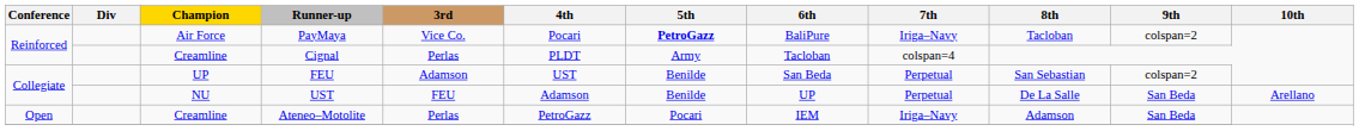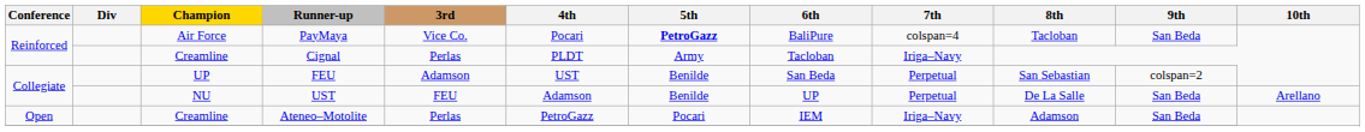 <table class="wikitable" style="font-size:90% align=center;">
 <tr>
 <th width=5%>Conference</th>
 <th width=5%>Div</th>
 <th width=9% style="background:gold;">Champion</th>
 <th width=9% style="background:silver;">Runner-up</th>
 <th width=9% style="background:#CC9966;">3rd</th>
 <th width=9%>4th</th>
 <th width=9%>5th</th>
 <th width=9%>6th</th>
 <th width=9%>7th</th>
 <th width=9%>8th</th>
 <th width=9%>9th</th>
 <th width=9%>10th</th>
 </tr>
 <tr align=center>
 <td rowspan=2><a href='#'>Reinforced</a></td>
 <td></td>
 <td><a href='#'>Air Force</a></td>
 <td><a href='#'>PayMaya</a></td>
 <td><a href='#'>Vice Co.</a></td>
 <td><a href='#'>Pocari</a></td>
 <td><strong><a href='#'>PetroGazz</a></strong></td>
 <td><a href='#'>BaliPure</a></td>
-<td><a href='#'>Iriga–Navy</a></td>
+<td>colspan=4</td>
 <td><a href='#'>Tacloban</a></td>
-<td>colspan=2</td>
+<td><a href='#'>San Beda</a></td>
 </tr>
 <tr align=center>
 <td></td>
 <td><a href='#'>Creamline</a></td>
 <td><a href='#'>Cignal</a></td>
 <td><a href='#'>Perlas</a></td>
 <td><a href='#'>PLDT</a></td>
 <td><a href='#'>Army</a></td>
 <td><a href='#'>Tacloban</a></td>
-<td>colspan=4</td>
+<td><a href='#'>Iriga–Navy</a></td>
 </tr>
 <tr align=center>
 <td rowspan=2><a href='#'>Collegiate</a></td>
 <td></td>
 <td><a href='#'>UP</a></td>
 <td><a href='#'>FEU</a></td>
 <td><a href='#'>Adamson</a></td>
 <td><a href='#'>UST</a></td>
 <td><a href='#'>Benilde</a></td>
 <td><a href='#'>San Beda</a></td>
 <td><a href='#'>Perpetual</a></td>
 <td><a href='#'>San Sebastian</a></td>
 <td>colspan=2</td>
 </tr>
 <tr align=center>
 <td></td>
 <td><a href='#'>NU</a></td>
 <td><a href='#'>UST</a></td>
 <td><a href='#'>FEU</a></td>
 <td><a href='#'>Adamson</a></td>
 <td><a href='#'>Benilde</a></td>
 <td><a href='#'>UP</a></td>
 <td><a href='#'>Perpetual</a></td>
 <td><a href='#'>De La Salle</a></td>
 <td><a href='#'>San Beda</a></td>
 <td><a href='#'>Arellano</a></td>
 </tr>
 <tr align=center>
 <td><a href='#'>Open</a></td>
 <td></td>
 <td><a href='#'>Creamline</a></td>
 <td><a href='#'>Ateneo–Motolite</a></td>
 <td><a href='#'>Perlas</a></td>
 <td><a href='#'>PetroGazz</a></td>
 <td><a href='#'>Pocari</a></td>
 <td><a href='#'>IEM</a></td>
 <td><a href='#'>Iriga–Navy</a></td>
 <td><a href='#'>Adamson</a></td>
 <td><a href='#'>San Beda</a></td>
 </tr>
 <tr align=center>
 </tr>
 </table>
